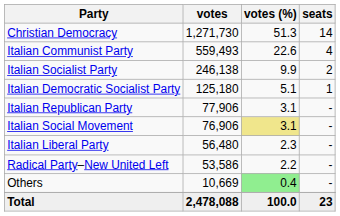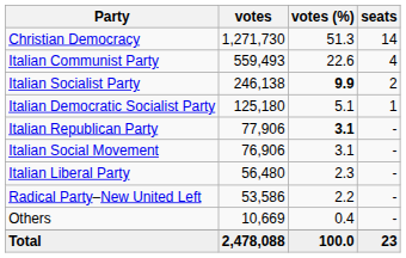 <table class="wikitable" style="font-size:95%">
 <tr bgcolor="EFEFEF">
 <th>Party</th>
 <th>votes</th>
 <th>votes (%)</th>
 <th>seats</th>
 </tr>
 <tr>
 <td><a href='#'>Christian Democracy</a></td>
 <td align=right>1,271,730</td>
 <td align=right>51.3</td>
 <td align=right>14</td>
 </tr>
 <tr>
 <td><a href='#'>Italian Communist Party</a></td>
 <td align=right>559,493</td>
 <td align=right>22.6</td>
 <td align=right>4</td>
 </tr>
 <tr>
 <td><a href='#'>Italian Socialist Party</a></td>
 <td align=right>246,138</td>
-<td align=right>9.9</td>
+<td align=right><strong>9.9</strong></td>
 <td align=right>2</td>
 </tr>
 <tr>
 <td><a href='#'>Italian Democratic Socialist Party</a></td>
 <td align=right>125,180</td>
 <td align=right>5.1</td>
 <td align=right>1</td>
 </tr>
 <tr>
 <td><a href='#'>Italian Republican Party</a></td>
 <td align=right>77,906</td>
-<td align=right>3.1</td>
+<td align=right><strong>3.1</strong></td>
 <td align=right>-</td>
 </tr>
 <tr>
 <td><a href='#'>Italian Social Movement</a></td>
 <td align=right>76,906</td>
-<td align=right style="background: khaki;">3.1</td>
+<td align=right>3.1</td>
 <td align=right>-</td>
 </tr>
 <tr>
 <td><a href='#'>Italian Liberal Party</a></td>
 <td align=right>56,480</td>
 <td align=right>2.3</td>
 <td align=right>-</td>
 </tr>
 <tr>
 <td><a href='#'>Radical Party</a>–<a href='#'>New United Left</a></td>
 <td align=right>53,586</td>
 <td align=right>2.2</td>
 <td align=right>-</td>
 </tr>
 <tr>
 <td>Others</td>
 <td align=right>10,669</td>
-<td align=right style="background: lightgreen;">0.4</td>
+<td align=right>0.4</td>
 <td align=right>-</td>
 </tr>
 <tr>
 </tr>
 <tr bgcolor="EFEFEF">
 <td><strong>Total</strong></td>
 <td align=right><strong>2,478,088</strong></td>
 <td align=right><strong>100.0</strong></td>
 <td align=right><strong>23</strong></td>
 </tr>
 </table>
